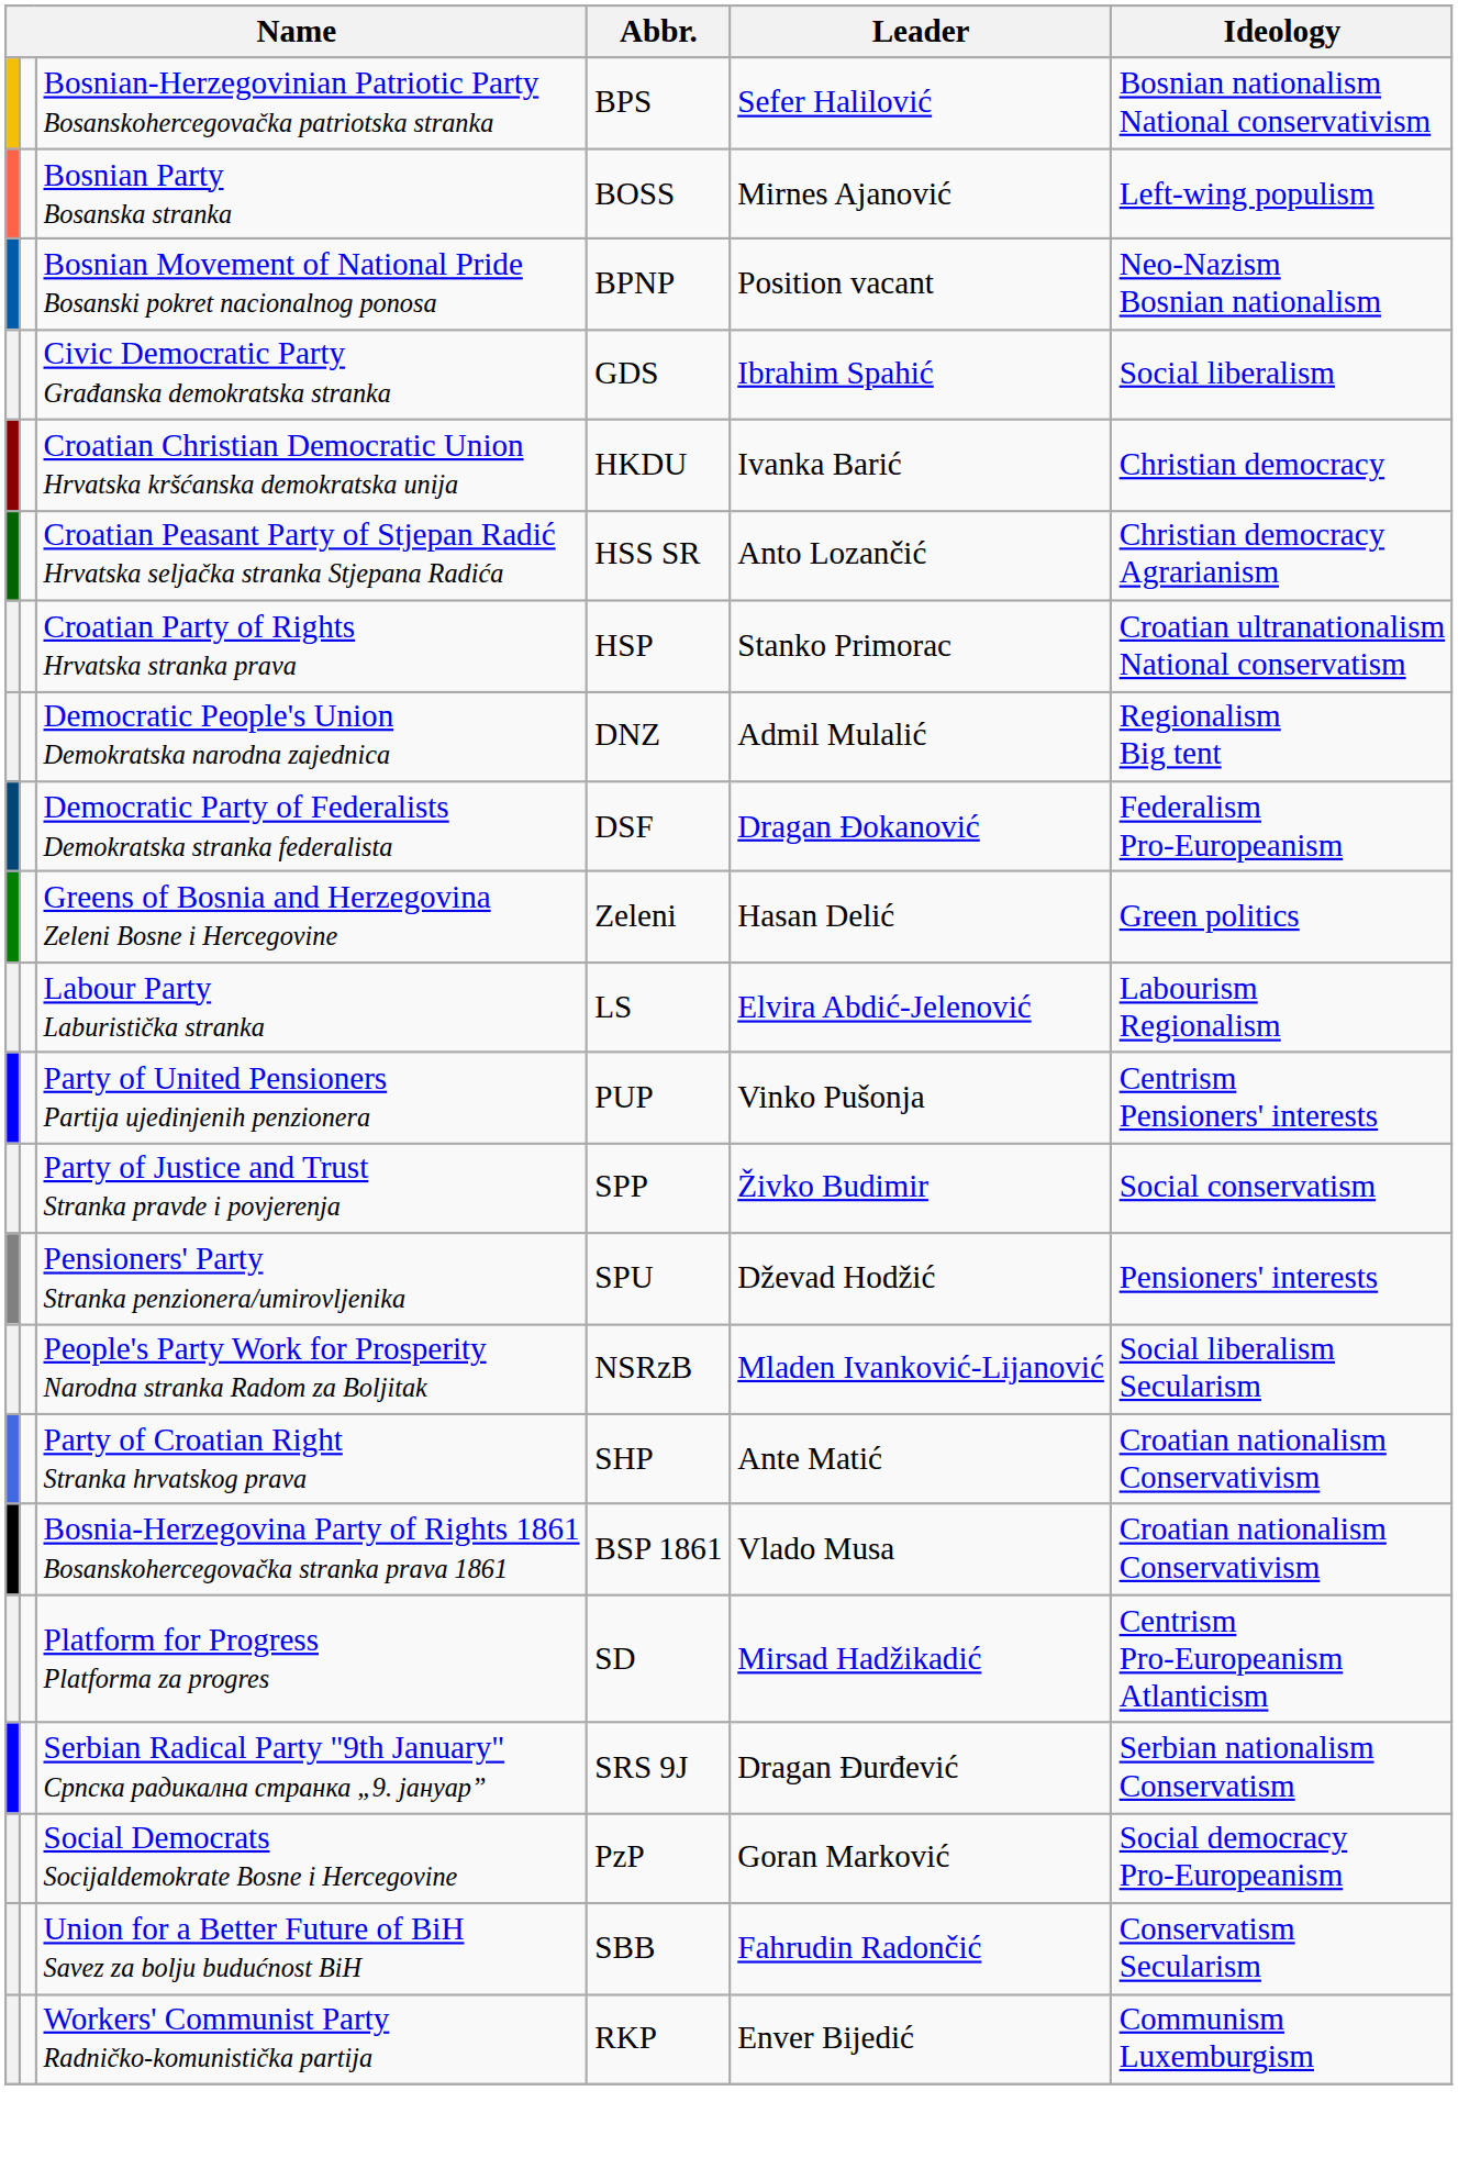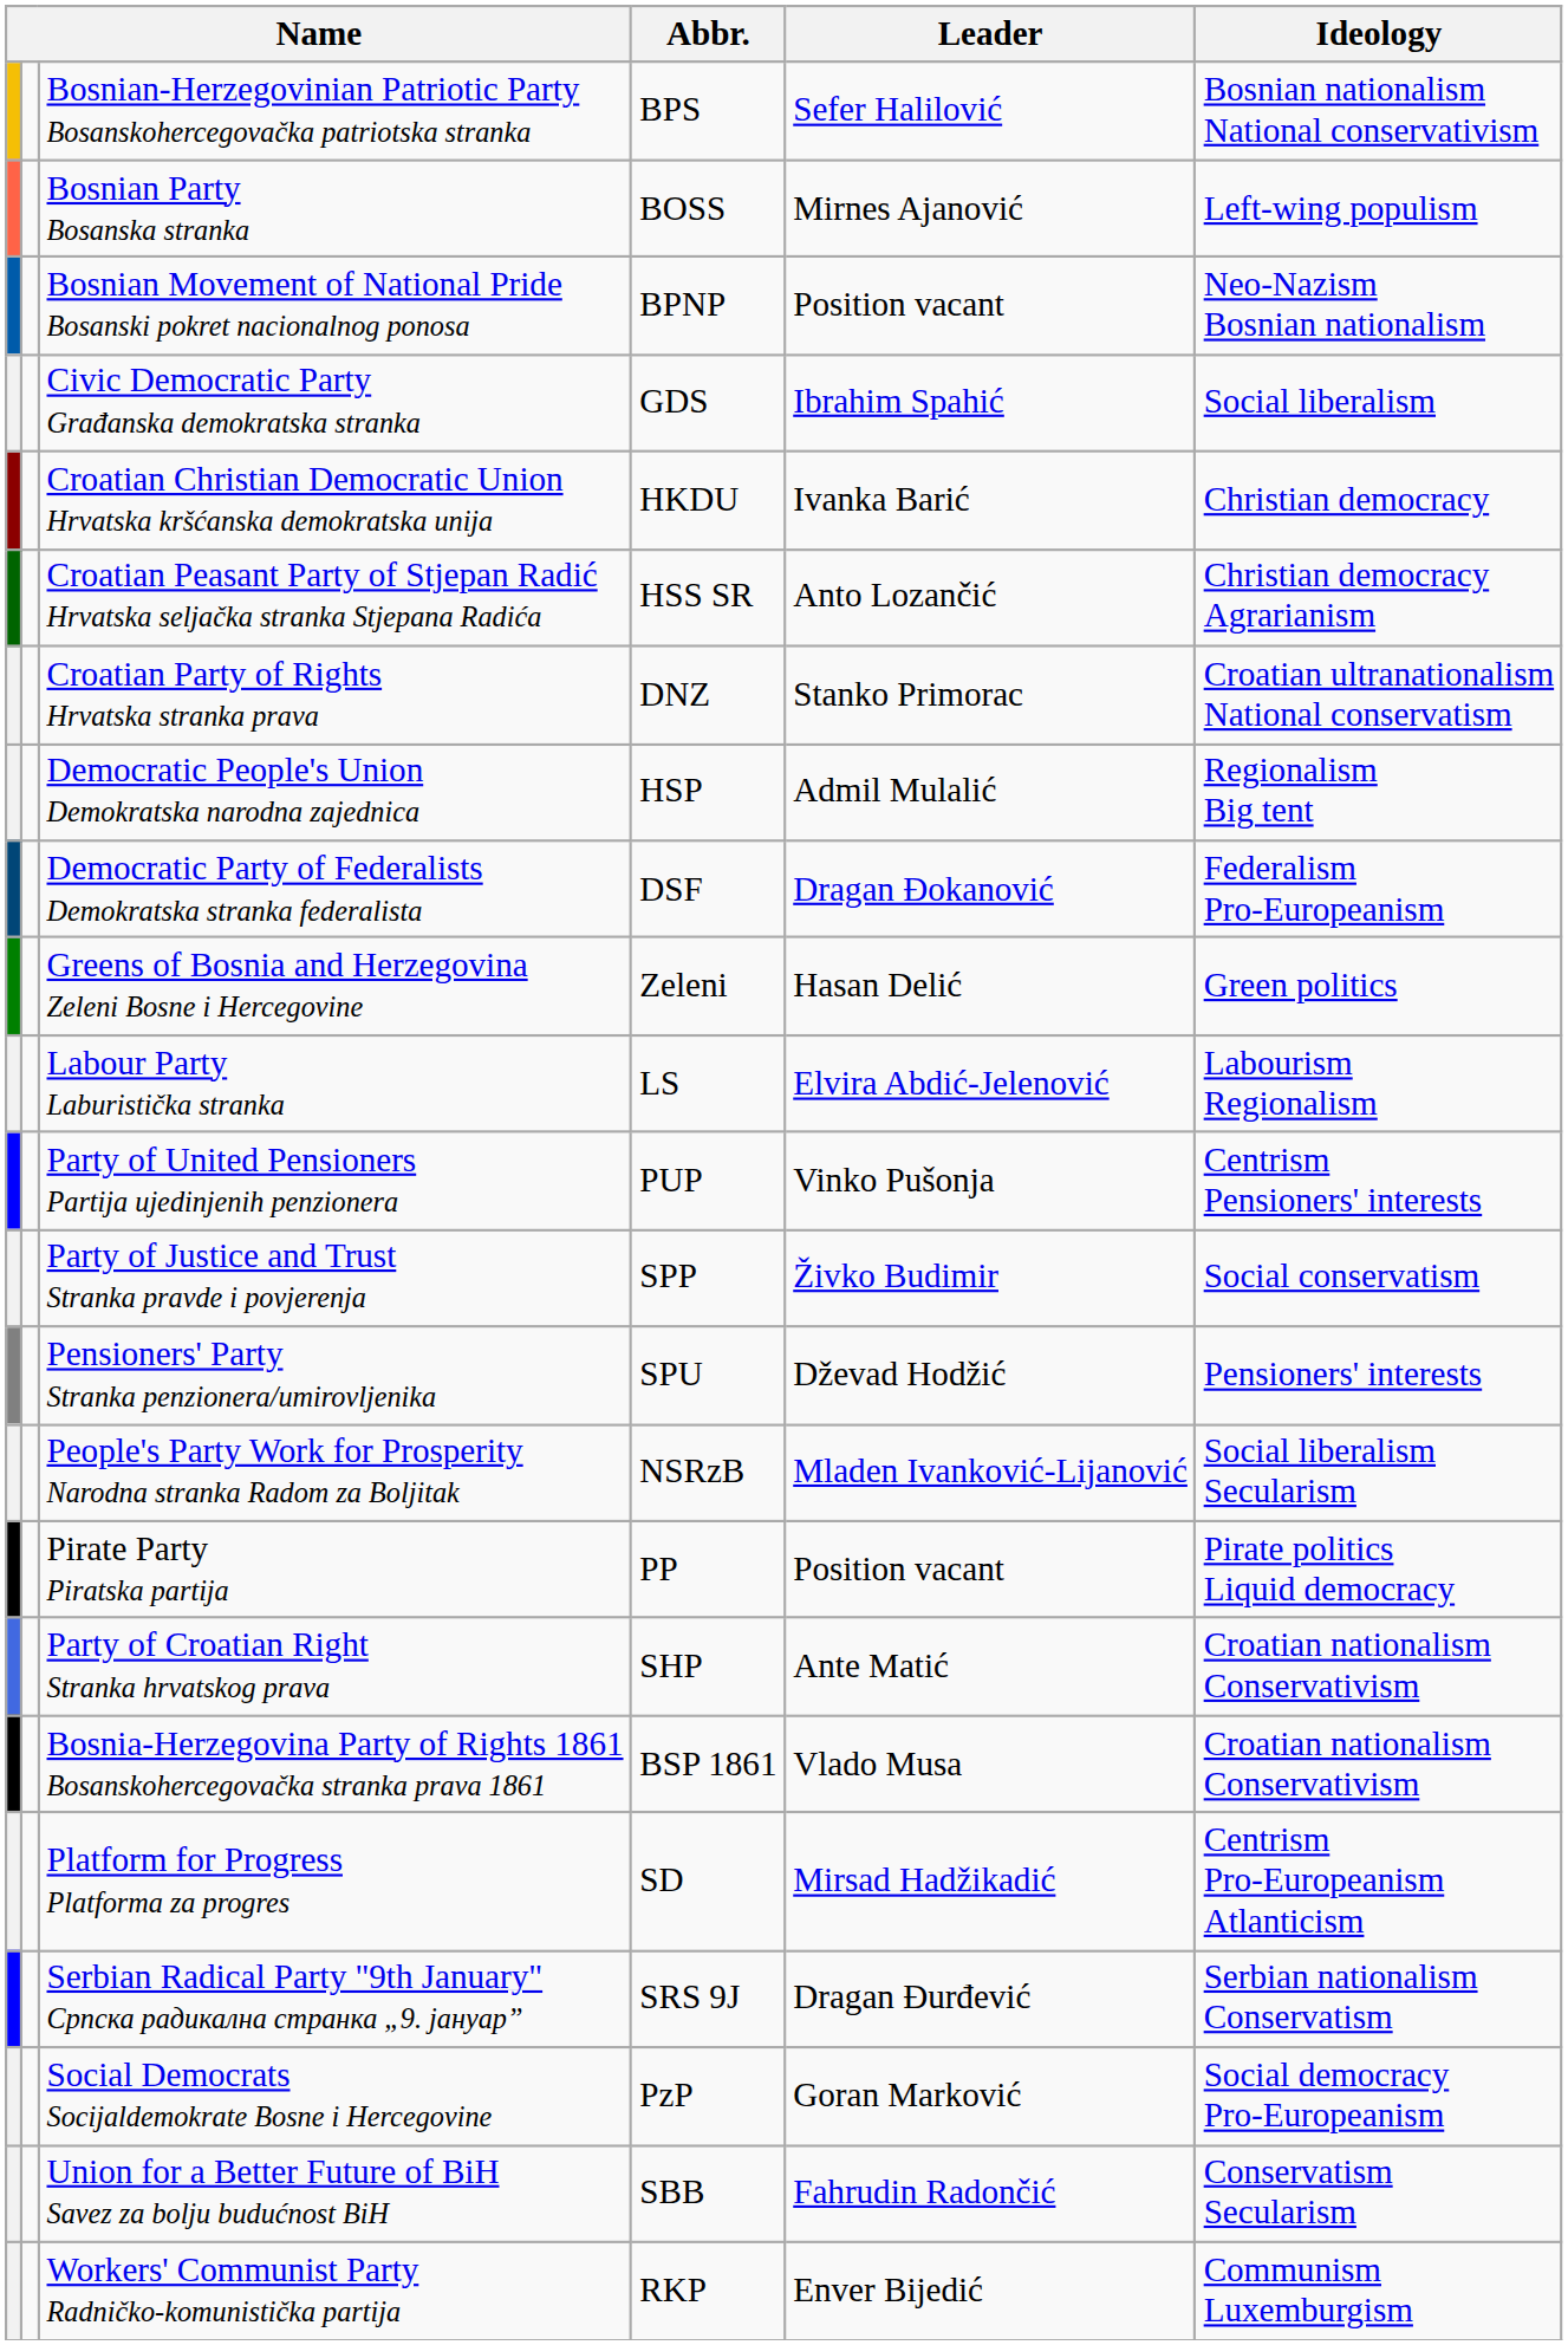 <table class="wikitable" style="text-align; font-size:85%;">
 <tr>
 <th colspan="3">Name</th>
 <th>Abbr.</th>
 <th>Leader</th>
 <th>Ideology</th>
 </tr>
 <tr>
 <th style="background-color: #F5BF05"></th>
 <td></td>
 <td><a href='#'>Bosnian-Herzegovinian Patriotic Party</a> <br><small><em>Bosanskohercegovačka patriotska stranka</em></small></td>
 <td>BPS</td>
 <td><a href='#'>Sefer Halilović</a></td>
 <td><a href='#'>Bosnian nationalism</a><br><a href='#'>National conservativism</a></td>
 </tr>
 <tr>
 <th style="background-color: #FF6347"></th>
 <td></td>
 <td><a href='#'>Bosnian Party</a> <br><small><em>Bosanska stranka</em></small></td>
 <td>BOSS</td>
 <td>Mirnes Ajanović</td>
 <td><a href='#'>Left-wing populism</a></td>
 </tr>
 <tr>
 <th style="background-color: #005BAA"></th>
 <td></td>
 <td><a href='#'>Bosnian Movement of National Pride</a> <br><small><em>Bosanski pokret nacionalnog ponosa</em></small></td>
 <td>BPNP</td>
 <td>Position vacant</td>
 <td><a href='#'>Neo-Nazism</a><br><a href='#'>Bosnian nationalism</a></td>
 </tr>
 <tr>
 <th style="background-color: "></th>
 <td></td>
 <td><a href='#'>Civic Democratic Party</a> <br><small><em>Građanska demokratska stranka</em></small></td>
 <td>GDS</td>
 <td><a href='#'>Ibrahim Spahić</a></td>
 <td><a href='#'>Social liberalism</a></td>
 </tr>
 <tr>
 <th style="background-color: #8B0000"></th>
 <td></td>
 <td><a href='#'>Croatian Christian Democratic Union</a> <br><small><em>Hrvatska kršćanska demokratska unija</em></small></td>
 <td>HKDU</td>
 <td>Ivanka Barić</td>
 <td><a href='#'>Christian democracy</a></td>
 </tr>
 <tr>
 <th style="background-color: darkgreen"></th>
 <td></td>
 <td><a href='#'>Croatian Peasant Party of Stjepan Radić</a> <br><small><em>Hrvatska seljačka stranka Stjepana Radića</em></small></td>
 <td>HSS SR</td>
 <td>Anto Lozančić</td>
 <td><a href='#'>Christian democracy</a><br><a href='#'>Agrarianism</a></td>
 </tr>
 <tr>
 <th style="background-color: "></th>
 <td></td>
 <td><a href='#'>Croatian Party of Rights</a> <br><small><em>Hrvatska stranka prava</em></small></td>
-<td>HSP</td>
+<td>DNZ</td>
 <td>Stanko Primorac</td>
 <td><a href='#'>Croatian ultranationalism</a><br><a href='#'>National conservatism</a></td>
 </tr>
 <tr>
 <th style="background-color: "></th>
 <td></td>
 <td><a href='#'>Democratic People's Union</a> <br><small><em>Demokratska narodna zajednica</em></small></td>
-<td>DNZ</td>
+<td>HSP</td>
 <td>Admil Mulalić</td>
 <td><a href='#'>Regionalism</a><br><a href='#'>Big tent</a></td>
 </tr>
 <tr>
 <th style="background-color: #014677"></th>
 <td></td>
 <td><a href='#'>Democratic Party of Federalists</a> <br><small><em>Demokratska stranka federalista</em></small></td>
 <td>DSF</td>
 <td><a href='#'>Dragan Đokanović</a></td>
 <td><a href='#'>Federalism</a><br><a href='#'>Pro-Europeanism</a></td>
 </tr>
 <tr>
 <th style="background-color: Green"></th>
 <td></td>
 <td><a href='#'>Greens of Bosnia and Herzegovina</a> <br><small><em>Zeleni Bosne i Hercegovine</em></small></td>
 <td>Zeleni</td>
 <td>Hasan Delić</td>
 <td><a href='#'>Green politics</a></td>
 </tr>
 <tr>
 <th style="background-color: "></th>
 <td></td>
 <td><a href='#'>Labour Party</a> <br><small><em>Laburistička stranka</em></small></td>
 <td>LS</td>
 <td><a href='#'>Elvira Abdić-Jelenović</a></td>
 <td><a href='#'>Labourism</a><br><a href='#'>Regionalism</a></td>
 </tr>
 <tr>
 <th style="background-color: Blue"></th>
 <td></td>
 <td><a href='#'>Party of United Pensioners</a> <br><small><em>Partija ujedinjenih penzionera</em></small></td>
 <td>PUP</td>
 <td>Vinko Pušonja</td>
 <td><a href='#'>Centrism</a><br><a href='#'>Pensioners' interests</a></td>
 </tr>
 <tr>
 <th style="background-color: "></th>
 <td></td>
 <td><a href='#'>Party of Justice and Trust</a> <br><small><em>Stranka pravde i povjerenja</em></small></td>
 <td>SPP</td>
 <td><a href='#'>Živko Budimir</a></td>
 <td><a href='#'>Social conservatism</a></td>
 </tr>
 <tr>
 <th style="background-color: Gray"></th>
 <td></td>
 <td><a href='#'>Pensioners' Party</a> <br><small><em>Stranka penzionera/umirovljenika</em></small></td>
 <td>SPU</td>
 <td>Dževad Hodžić</td>
 <td><a href='#'>Pensioners' interests</a></td>
 </tr>
 <tr>
 <th style="background-color: "></th>
 <td></td>
 <td><a href='#'>People's Party Work for Prosperity</a> <br><small><em>Narodna stranka Radom za Boljitak</em></small></td>
 <td>NSRzB</td>
 <td><a href='#'>Mladen Ivanković-Lijanović</a></td>
 <td><a href='#'>Social liberalism</a><br><a href='#'>Secularism</a></td>
 </tr>
 <tr>
+<th style="background-color: Black"></th>
+<td></td>
+<td>Pirate Party<br><small><em>Piratska partija</em></small></td>
+<td>PP</td>
+<td>Position vacant</td>
+<td><a href='#'>Pirate politics</a><br><a href='#'>Liquid democracy</a></td>
+</tr>
+<tr>
 <th style="background-color: royalblue"></th>
 <td></td>
 <td><a href='#'>Party of Croatian Right</a> <br><small><em>Stranka hrvatskog prava</em></small></td>
 <td>SHP</td>
 <td>Ante Matić</td>
 <td><a href='#'>Croatian nationalism</a><br><a href='#'>Conservativism</a></td>
 </tr>
 <tr>
 <th style="background-color: Black"></th>
 <td></td>
 <td><a href='#'>Bosnia-Herzegovina Party of Rights 1861</a> <br><small><em>Bosanskohercegovačka stranka prava 1861</em></small></td>
 <td>BSP 1861</td>
 <td>Vlado Musa</td>
 <td><a href='#'>Croatian nationalism</a><br><a href='#'>Conservativism</a></td>
 </tr>
 <tr>
 <th style="background-color: "></th>
 <td></td>
 <td><a href='#'>Platform for Progress</a> <br><small><em>Platforma za progres</em></small></td>
 <td>SD</td>
 <td><a href='#'>Mirsad Hadžikadić</a></td>
 <td><a href='#'>Centrism</a><br><a href='#'>Pro-Europeanism</a><br><a href='#'>Atlanticism</a></td>
 </tr>
 <tr>
 <th style="background-color: Blue"></th>
 <td></td>
 <td><a href='#'>Serbian Radical Party "9th January"</a> <br><small><em>Српска радикална странка „9. јануар”</em></small></td>
 <td>SRS 9J</td>
 <td>Dragan Đurđević</td>
 <td><a href='#'>Serbian nationalism</a><br><a href='#'>Conservatism</a></td>
 </tr>
 <tr>
 <th style="background-color: "></th>
 <td></td>
 <td><a href='#'>Social Democrats</a> <br><small><em>Socijaldemokrate Bosne i Hercegovine</em></small></td>
 <td>PzP</td>
 <td>Goran Marković</td>
 <td><a href='#'>Social democracy</a><br><a href='#'>Pro-Europeanism</a></td>
 </tr>
 <tr>
 <th style="background-color: "></th>
 <td></td>
 <td><a href='#'>Union for a Better Future of BiH</a> <br><small><em>Savez za bolju budućnost BiH</em></small></td>
 <td>SBB</td>
 <td><a href='#'>Fahrudin Radončić</a></td>
 <td><a href='#'>Conservatism</a><br><a href='#'>Secularism</a></td>
 </tr>
 <tr>
 <th style="background-color: "></th>
 <td></td>
 <td><a href='#'>Workers' Communist Party</a> <br><small><em>Radničko-komunistička partija</em></small></td>
 <td>RKP</td>
 <td>Enver Bijedić</td>
 <td><a href='#'>Communism</a><br><a href='#'>Luxemburgism</a></td>
 </tr>
 <tr>
 </tr>
 </table>
